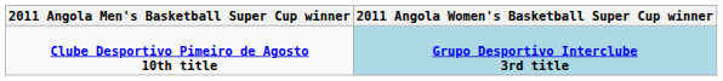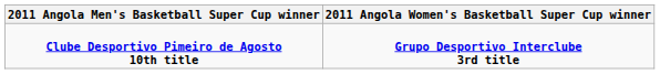 <table class=wikitable style="text-align:center; margin:auto">
 <tr>
 <th>2011 Angola Men's Basketball Super Cup winner</th>
 <th>2011 Angola Women's Basketball Super Cup winner</th>
 </tr>
 <tr>
 <td><br><strong><a href='#'>Clube Desportivo Pimeiro de Agosto</a></strong><br><strong>10th title</strong></td>
-<td style="background: lightblue;"><br><strong><a href='#'>Grupo Desportivo Interclube</a></strong><br><strong>3rd title</strong></td>
+<td><br><strong><a href='#'>Grupo Desportivo Interclube</a></strong><br><strong>3rd title</strong></td>
 </tr>
 </table>
